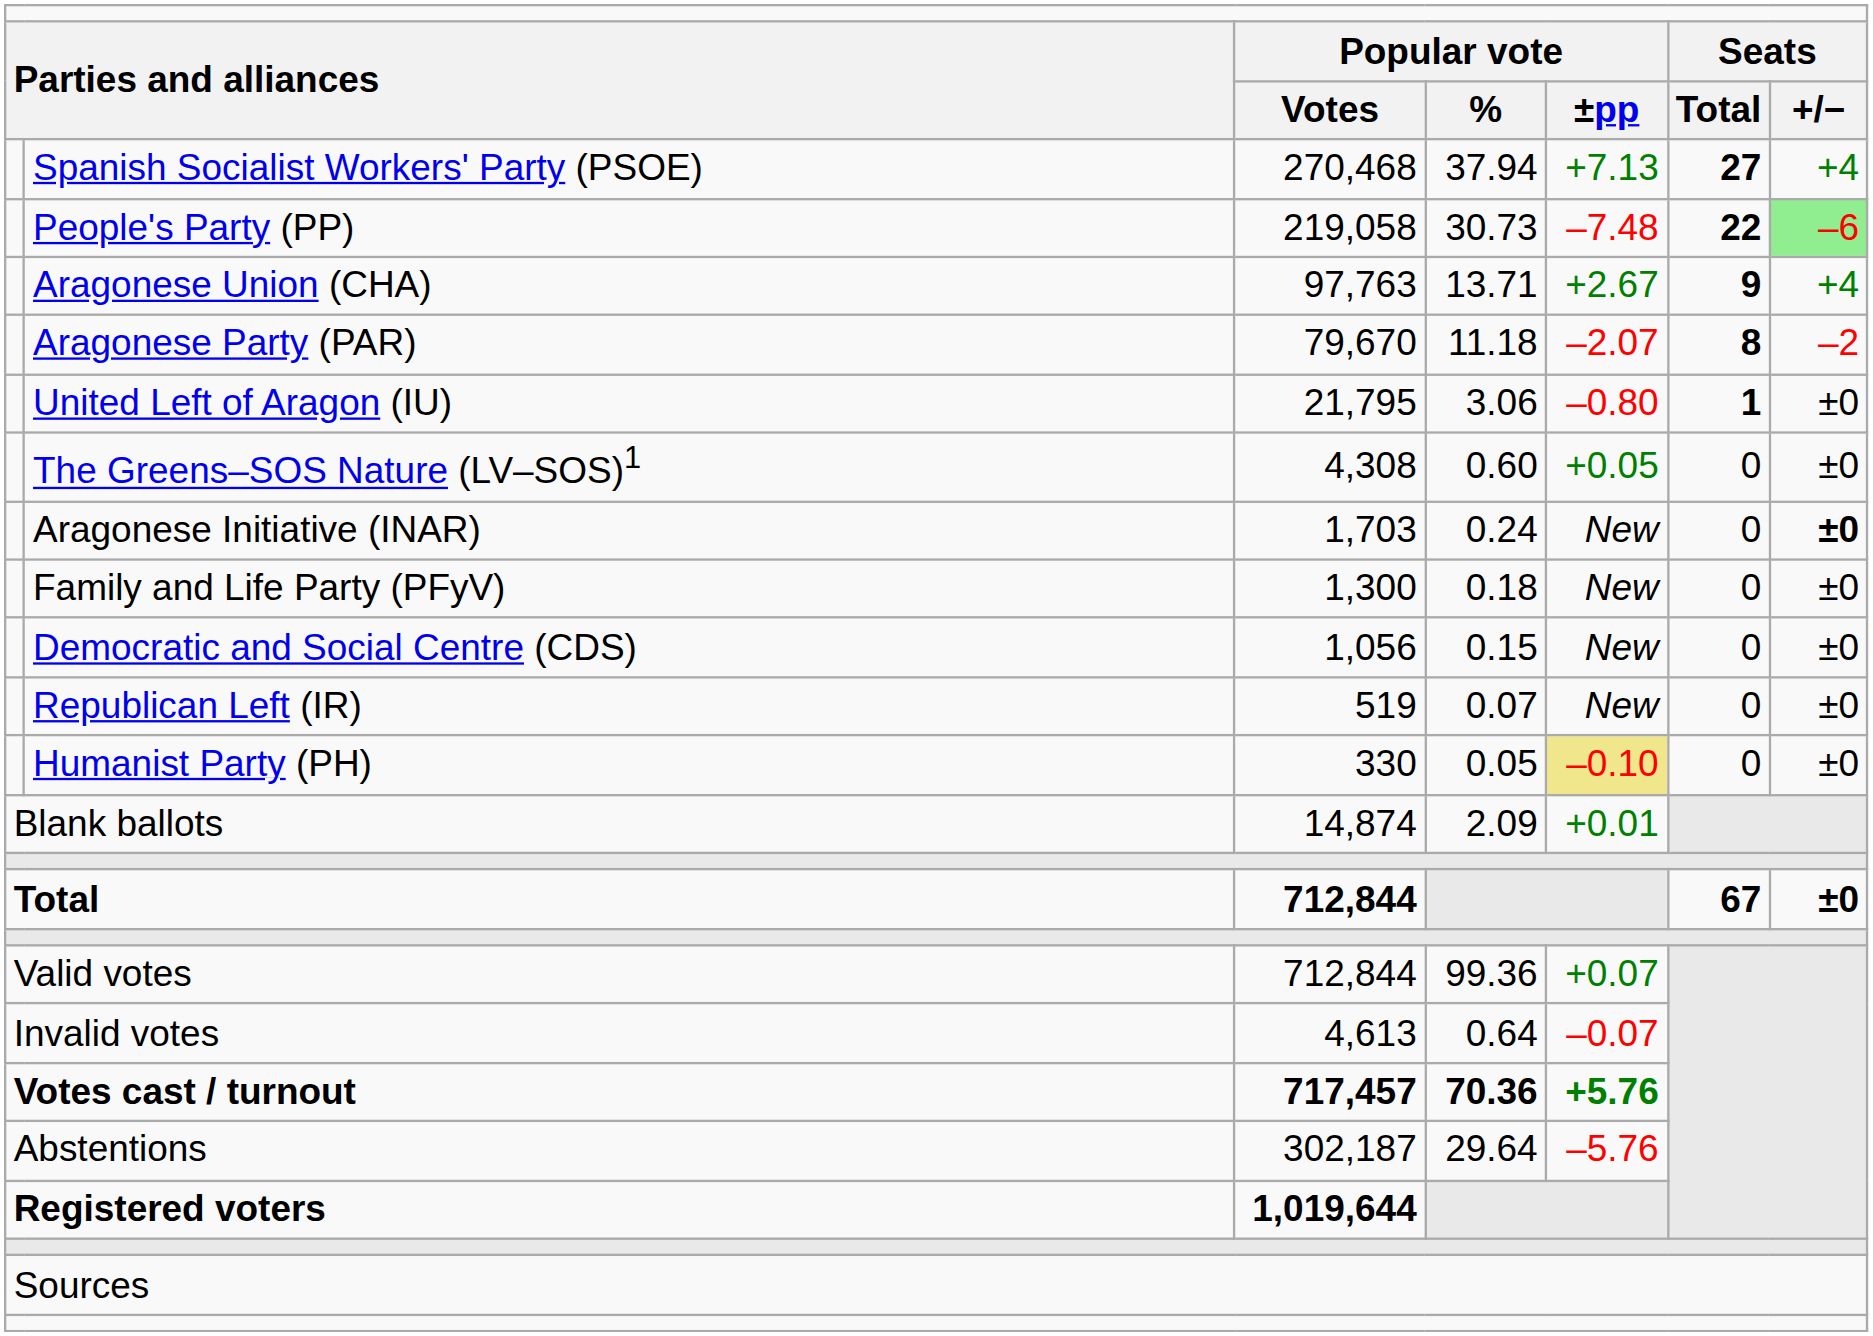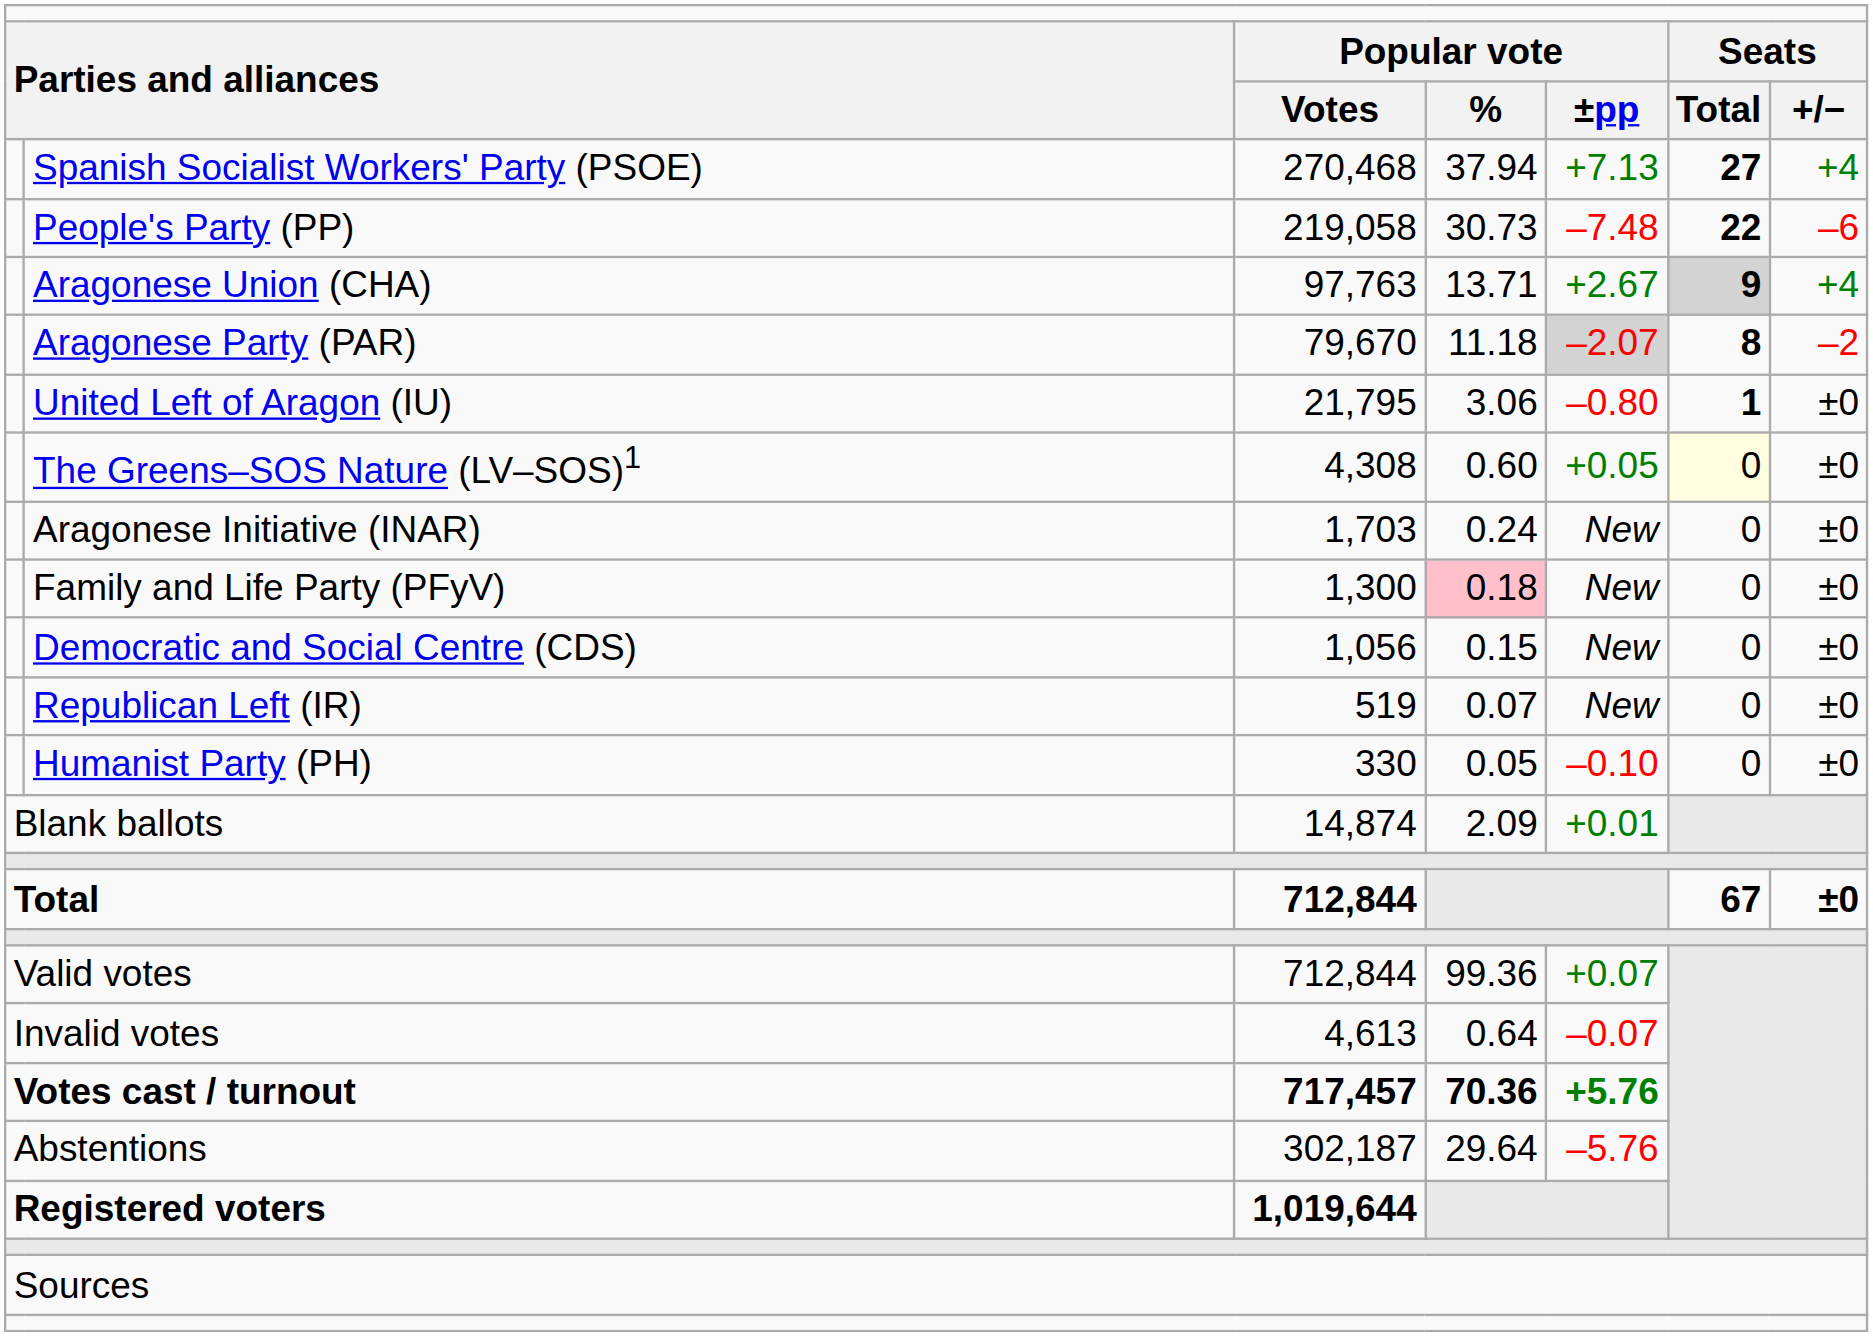 <table class="wikitable" style="text-align:right;">
 <tr>
 <td colspan="7"></td>
 </tr>
 <tr>
 <th style="text-align:left;" rowspan="2" colspan="2" width="525">Parties and alliances</th>
 <th colspan="3">Popular vote</th>
 <th colspan="2">Seats</th>
 </tr>
 <tr>
 <th width="75">Votes</th>
 <th width="45">%</th>
 <th width="45">±<a href='#'>pp</a></th>
 <th width="35">Total</th>
 <th width="35">+/−</th>
 </tr>
 <tr>
 <td width="1" style="color:inherit;background:"></td>
 <td align="left"><a href='#'>Spanish Socialist Workers' Party</a> (PSOE)</td>
 <td>270,468</td>
 <td>37.94</td>
 <td style="color:green;">+7.13</td>
 <td><strong>27</strong></td>
 <td style="color:green;">+4</td>
 </tr>
 <tr>
 <td style="color:inherit;background:"></td>
 <td align="left"><a href='#'>People's Party</a> (PP)</td>
 <td>219,058</td>
 <td>30.73</td>
 <td style="color:red;">–7.48</td>
 <td><strong>22</strong></td>
-<td style="background: lightgreen; color:red;">–6</td>
+<td style="color:red;">–6</td>
 </tr>
 <tr>
 <td style="color:inherit;background:"></td>
 <td align="left"><a href='#'>Aragonese Union</a> (CHA)</td>
 <td>97,763</td>
 <td>13.71</td>
 <td style="color:green;">+2.67</td>
-<td><strong>9</strong></td>
+<td style="background: lightgrey;"><strong>9</strong></td>
 <td style="color:green;">+4</td>
 </tr>
 <tr>
 <td style="color:inherit;background:"></td>
 <td align="left"><a href='#'>Aragonese Party</a> (PAR)</td>
 <td>79,670</td>
 <td>11.18</td>
-<td style="color:red;">–2.07</td>
+<td style="background: lightgrey; color:red;">–2.07</td>
 <td><strong>8</strong></td>
 <td style="color:red;">–2</td>
 </tr>
 <tr>
 <td style="color:inherit;background:"></td>
 <td align="left"><a href='#'>United Left of Aragon</a> (IU)</td>
 <td>21,795</td>
 <td>3.06</td>
 <td style="color:red;">–0.80</td>
 <td><strong>1</strong></td>
 <td>±0</td>
 </tr>
 <tr>
 <td style="color:inherit;background:"></td>
 <td align="left"><a href='#'>The Greens–SOS Nature</a> (LV–SOS)<sup>1</sup></td>
 <td>4,308</td>
 <td>0.60</td>
 <td style="color:green;">+0.05</td>
-<td>0</td>
+<td style="background: lightyellow;">0</td>
 <td>±0</td>
 </tr>
 <tr>
 <td style="color:inherit;background:"></td>
 <td align="left">Aragonese Initiative (INAR)</td>
 <td>1,703</td>
 <td>0.24</td>
 <td><em>New</em></td>
 <td>0</td>
-<td><strong>±0</strong></td>
+<td>±0</td>
 </tr>
 <tr>
 <td style="color:inherit;background:"></td>
 <td align="left">Family and Life Party (PFyV)</td>
 <td>1,300</td>
-<td>0.18</td>
+<td style="background: pink;">0.18</td>
 <td><em>New</em></td>
 <td>0</td>
 <td>±0</td>
 </tr>
 <tr>
 <td style="color:inherit;background:"></td>
 <td align="left"><a href='#'>Democratic and Social Centre</a> (CDS)</td>
 <td>1,056</td>
 <td>0.15</td>
 <td><em>New</em></td>
 <td>0</td>
 <td>±0</td>
 </tr>
 <tr>
 <td style="color:inherit;background:"></td>
 <td align="left"><a href='#'>Republican Left</a> (IR)</td>
 <td>519</td>
 <td>0.07</td>
 <td><em>New</em></td>
 <td>0</td>
 <td>±0</td>
 </tr>
 <tr>
 <td style="color:inherit;background:"></td>
 <td align="left"><a href='#'>Humanist Party</a> (PH)</td>
 <td>330</td>
 <td>0.05</td>
-<td style="background: khaki; color:red;">–0.10</td>
+<td style="color:red;">–0.10</td>
 <td>0</td>
 <td>±0</td>
 </tr>
 <tr>
 <td align="left" colspan="2">Blank ballots</td>
 <td>14,874</td>
 <td>2.09</td>
 <td style="color:green;">+0.01</td>
 <td bgcolor="#E9E9E9" colspan="2"></td>
 </tr>
 <tr>
 <td colspan="7" bgcolor="#E9E9E9"></td>
 </tr>
 <tr style="font-weight:bold;">
 <td align="left" colspan="2">Total</td>
 <td>712,844</td>
 <td bgcolor="#E9E9E9" colspan="2"></td>
 <td>67</td>
 <td>±0</td>
 </tr>
 <tr>
 <td colspan="7" bgcolor="#E9E9E9"></td>
 </tr>
 <tr>
 <td align="left" colspan="2">Valid votes</td>
 <td>712,844</td>
 <td>99.36</td>
 <td style="color:green;">+0.07</td>
 <td bgcolor="#E9E9E9" colspan="2" rowspan="5"></td>
 </tr>
 <tr>
 <td align="left" colspan="2">Invalid votes</td>
 <td>4,613</td>
 <td>0.64</td>
 <td style="color:red;">–0.07</td>
 </tr>
 <tr style="font-weight:bold;">
 <td align="left" colspan="2">Votes cast / turnout</td>
 <td>717,457</td>
 <td>70.36</td>
 <td style="color:green;">+5.76</td>
 </tr>
 <tr>
 <td align="left" colspan="2">Abstentions</td>
 <td>302,187</td>
 <td>29.64</td>
 <td style="color:red;">–5.76</td>
 </tr>
 <tr style="font-weight:bold;">
 <td align="left" colspan="2">Registered voters</td>
 <td>1,019,644</td>
 <td bgcolor="#E9E9E9" colspan="2"></td>
 </tr>
 <tr>
 <td colspan="7" bgcolor="#E9E9E9"></td>
 </tr>
 <tr>
 <td align="left" colspan="7">Sources</td>
 </tr>
 <tr>
 <td colspan="7" style="text-align:left; max-width:790px;"></td>
 </tr>
 </table>
